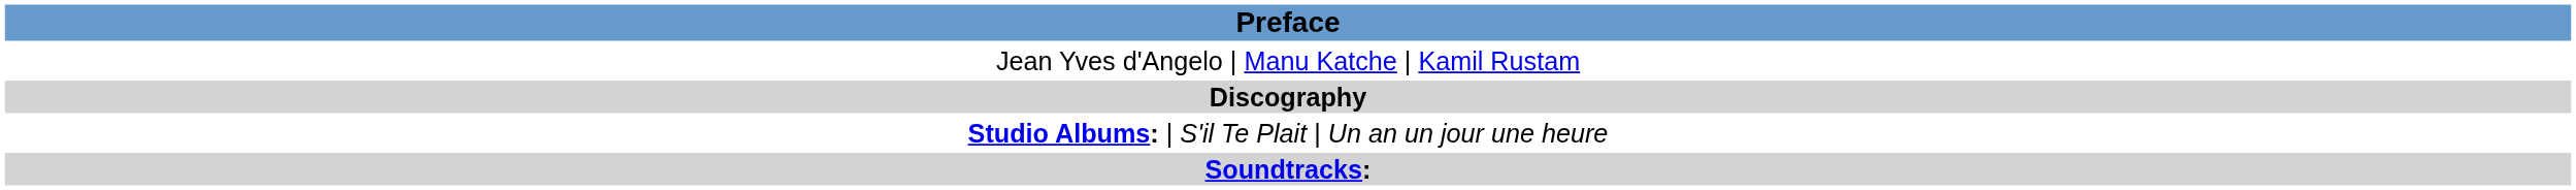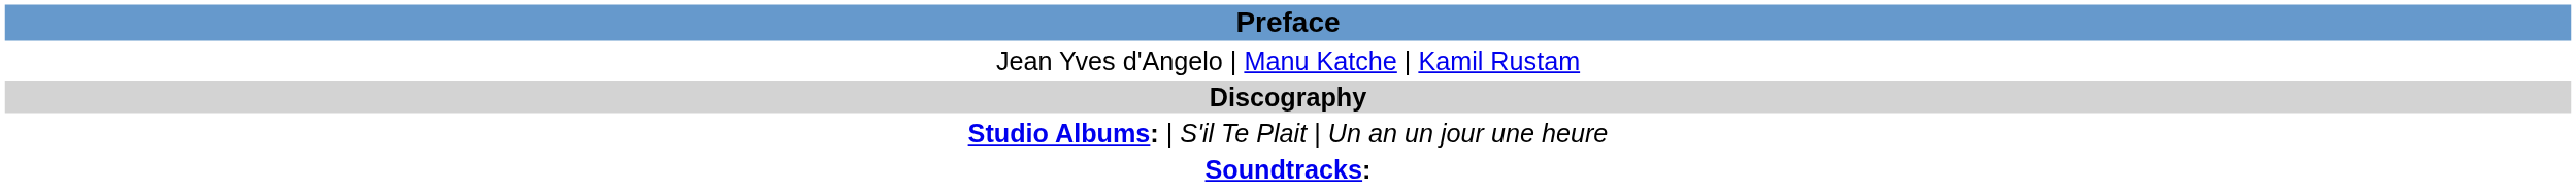 <table style="margin:0 auto; clear:both;text-align:center;width:90%;" align="center" class="toccolours">
 <tr>
 <td bgcolor=#6699CC><strong><span>Preface</span></strong></td>
 </tr>
 <tr>
 <td style="font-size:90%;">Jean Yves d'Angelo | <a href='#'>Manu Katche</a> | <a href='#'>Kamil Rustam</a></td>
 </tr>
 <tr>
 <th style="font-size:90%;" bgcolor=lightgrey>Discography</th>
 </tr>
 <tr>
 <td style="font-size:90%;"><strong><a href='#'>Studio Albums</a>:</strong> <em></em> | <em>S'il Te Plait</em> | <em>Un an un jour une heure</em></td>
 </tr>
 <tr>
-<td style="background: lightgrey; font-size:90%;"><strong><a href='#'>Soundtracks</a>:</strong> <em></em></td>
+<td style="font-size:90%;"><strong><a href='#'>Soundtracks</a>:</strong> <em></em></td>
 </tr>
 </table>
